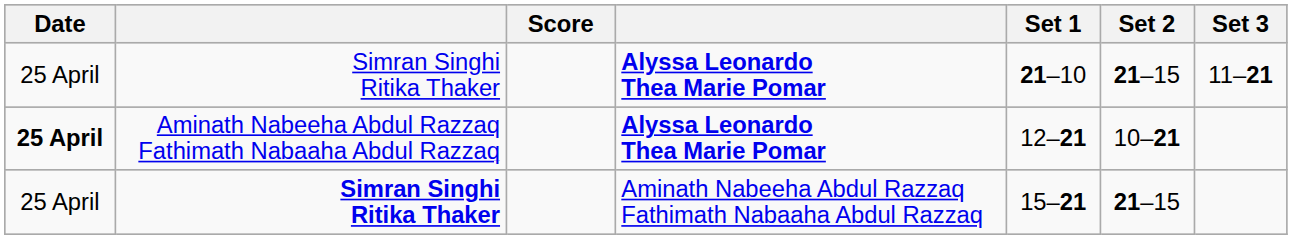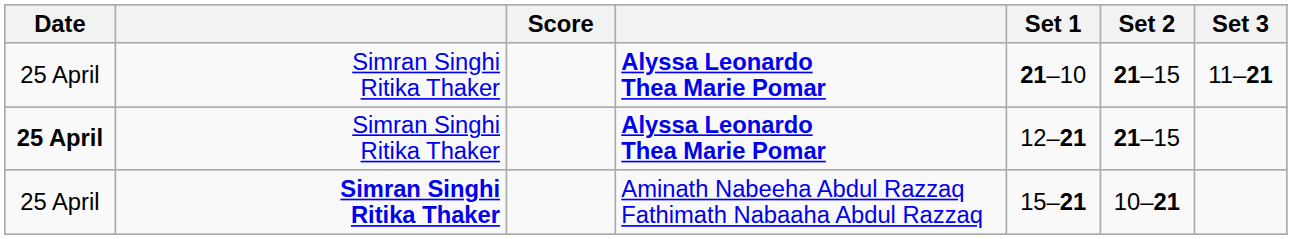 <table class="wikitable" style="text-align: center; font-size:90%">
 <tr>
 <th width="60">Date</th>
 <th align="right" width="230"></th>
 <th width="60">Score</th>
 <th align="left" width="230"></th>
 <th width="50">Set 1</th>
 <th width="50">Set 2</th>
 <th width="50">Set 3</th>
 </tr>
 <tr>
 <td>25 April<br></td>
 <td align="right"><a href='#'>Simran Singhi</a> <br><a href='#'>Ritika Thaker</a> </td>
 <td align="center"></td>
 <td align="left"><strong> <a href='#'>Alyssa Leonardo</a><br> <a href='#'>Thea Marie Pomar</a></strong></td>
 <td><strong>21</strong>–10</td>
 <td><strong>21</strong>–15</td>
 <td>11–<strong>21</strong></td>
 </tr>
 <tr>
 <td><strong>25 April<br></strong></td>
-<td align="right"><a href='#'>Aminath Nabeeha Abdul Razzaq</a> <br><a href='#'>Fathimath Nabaaha Abdul Razzaq</a> </td>
+<td align="right"><a href='#'>Simran Singhi</a> <br><a href='#'>Ritika Thaker</a> </td>
 <td align="center"></td>
 <td align="left"><strong> <a href='#'>Alyssa Leonardo</a><br> <a href='#'>Thea Marie Pomar</a></strong></td>
 <td>12–<strong>21</strong></td>
-<td>10–<strong>21</strong></td>
+<td><strong>21</strong>–15</td>
 <td></td>
 </tr>
 <tr>
 <td>25 April<br></td>
 <td align="right"><strong><a href='#'>Simran Singhi</a> <br><a href='#'>Ritika Thaker</a> </strong></td>
 <td align="center"></td>
 <td align="left"> <a href='#'>Aminath Nabeeha Abdul Razzaq</a><br> <a href='#'>Fathimath Nabaaha Abdul Razzaq</a></td>
 <td>15–<strong>21</strong></td>
-<td><strong>21</strong>–15</td>
+<td>10–<strong>21</strong></td>
 <td></td>
 </tr>
 </table>
